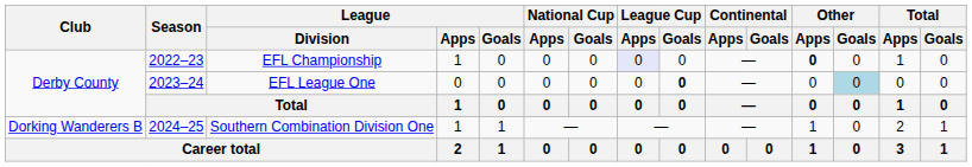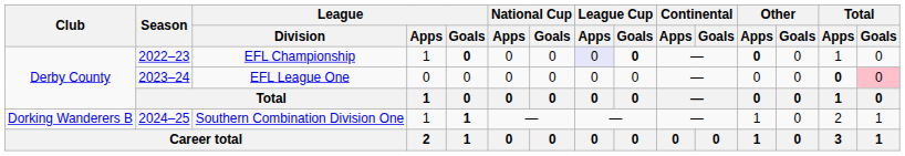 <table class=wikitable style="text-align:center">
 <tr>
 <th rowspan=2>Club</th>
 <th rowspan=2>Season</th>
 <th colspan=3>League</th>
 <th colspan=2>National Cup</th>
 <th colspan=2>League Cup</th>
 <th colspan=2>Continental</th>
 <th colspan=2>Other</th>
 <th colspan=2>Total</th>
 </tr>
 <tr>
 <th>Division</th>
 <th>Apps</th>
 <th>Goals</th>
 <th>Apps</th>
 <th>Goals</th>
 <th>Apps</th>
 <th>Goals</th>
 <th>Apps</th>
 <th>Goals</th>
 <th>Apps</th>
 <th>Goals</th>
 <th>Apps</th>
 <th>Goals</th>
 </tr>
 <tr>
 <td rowspan="3"><a href='#'>Derby County</a></td>
 <td><a href='#'>2022–23</a></td>
 <td rowspan="1"><a href='#'>EFL Championship</a></td>
 <td>1</td>
-<td>0</td>
+<td><strong>0</strong></td>
 <td>0</td>
 <td>0</td>
 <td style="background: lavender;">0</td>
-<td>0</td>
+<td><strong>0</strong></td>
 <td colspan=2>—</td>
 <td><strong>0</strong></td>
 <td>0</td>
 <td>1</td>
 <td>0</td>
 </tr>
 <tr>
 <td><a href='#'>2023–24</a></td>
 <td><a href='#'>EFL League One</a></td>
 <td>0</td>
 <td>0</td>
 <td>0</td>
 <td>0</td>
 <td>0</td>
-<td><strong>0</strong></td>
+<td>0</td>
 <td colspan=2>—</td>
 <td>0</td>
-<td style="background: lightblue;">0</td>
 <td>0</td>
-<td>0</td>
+<td><strong>0</strong></td>
+<td style="background: pink;">0</td>
 </tr>
 <tr>
 <th colspan="2">Total</th>
 <th>1</th>
 <th>0</th>
 <th>0</th>
 <th>0</th>
 <th>0</th>
 <th>0</th>
 <th colspan=2>—</th>
 <th>0</th>
 <th>0</th>
 <th>1</th>
 <th>0</th>
 </tr>
 <tr>
 <td rowspan="1"><a href='#'>Dorking Wanderers B</a></td>
 <td><a href='#'>2024–25</a></td>
 <td><a href='#'>Southern Combination Division One</a></td>
 <td>1</td>
-<td>1</td>
+<td><strong>1</strong></td>
 <td colspan=2>—</td>
 <td colspan=2>—</td>
 <td colspan=2>—</td>
 <td>1</td>
 <td>0</td>
 <td>2</td>
 <td>1</td>
 </tr>
 <tr>
 <th colspan=3>Career total</th>
 <th>2</th>
 <th>1</th>
 <th>0</th>
 <th>0</th>
 <th>0</th>
 <th>0</th>
 <th>0</th>
 <th>0</th>
 <th>1</th>
 <th>0</th>
 <th>3</th>
 <th>1</th>
 </tr>
 </table>
